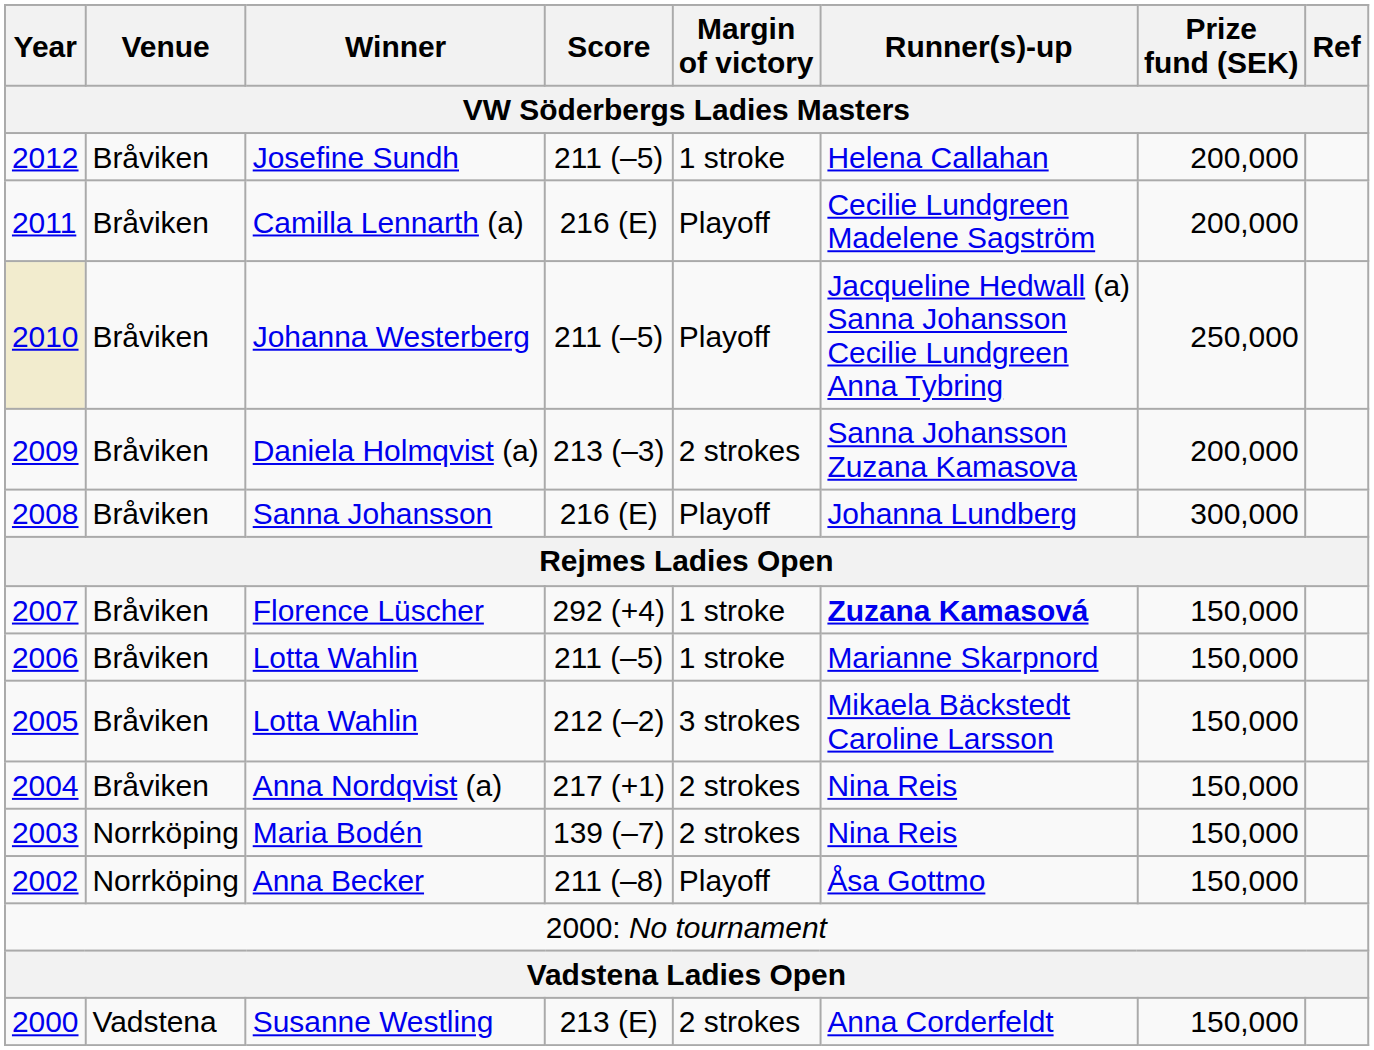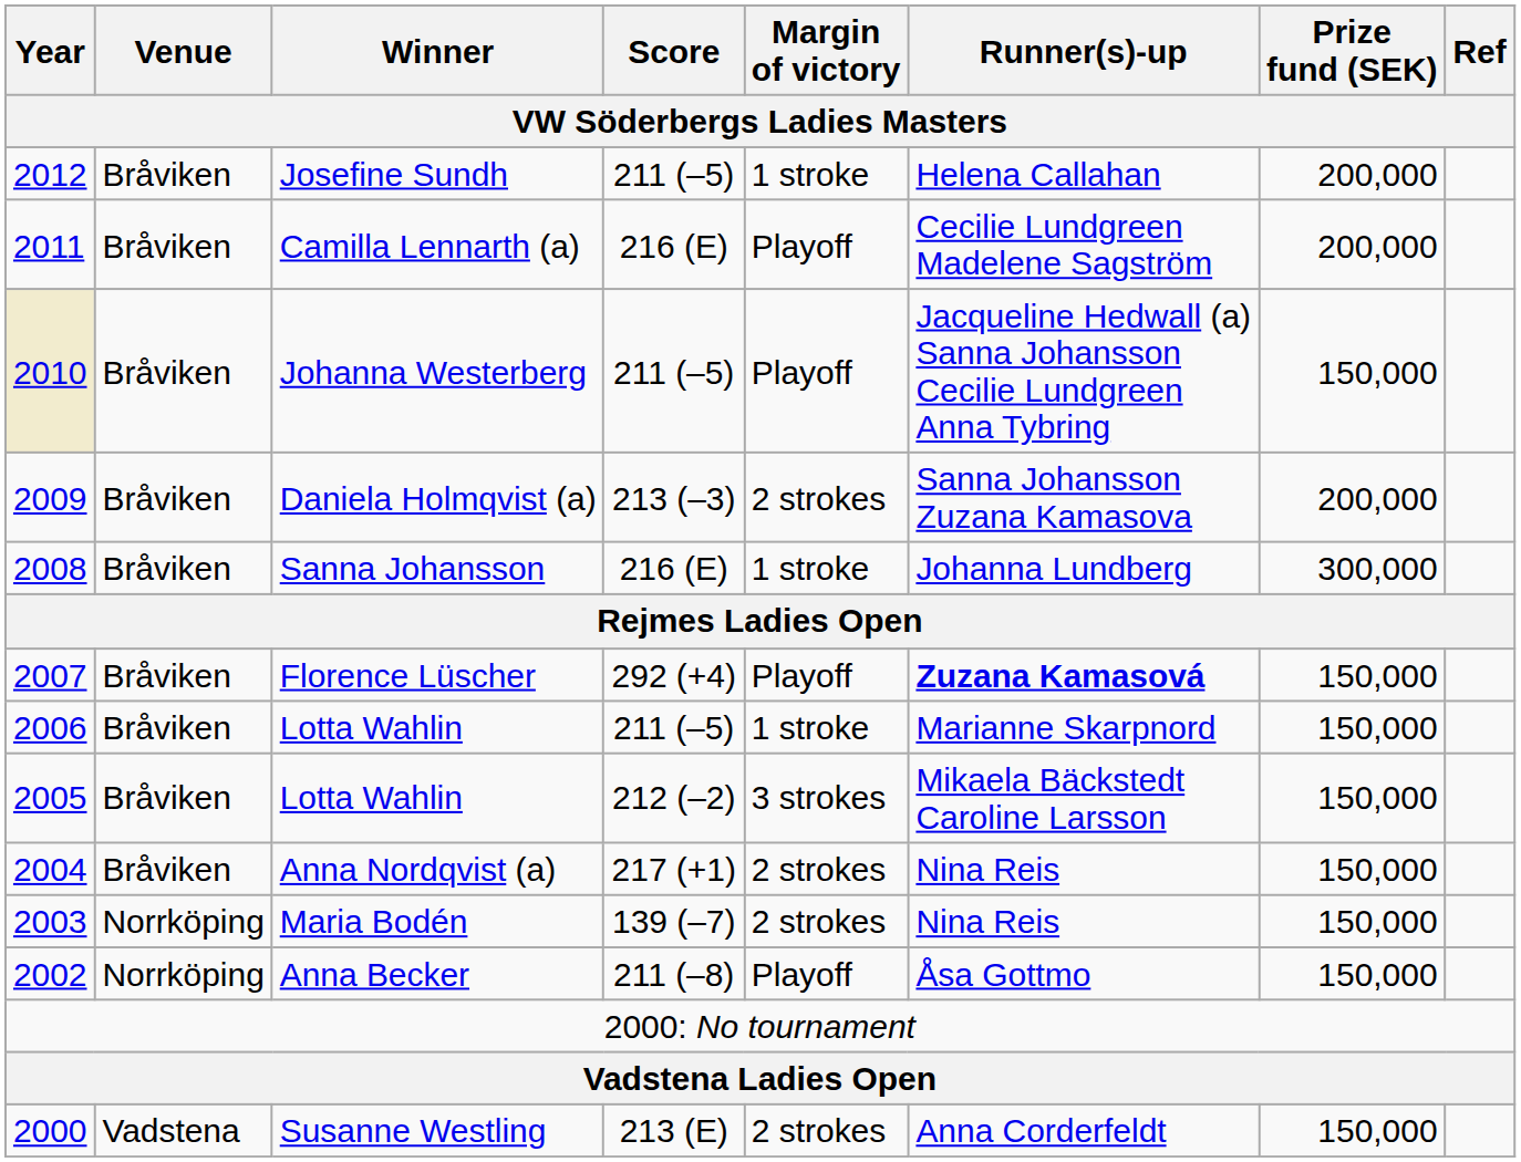 <table class=wikitable style="font-size:95%">
 <tr>
 <th>Year</th>
 <th>Venue</th>
 <th>Winner</th>
 <th>Score</th>
 <th>Margin<br>of victory</th>
 <th>Runner(s)-up</th>
 <th>Prize<br>fund (SEK)</th>
 <th>Ref</th>
 </tr>
 <tr>
 <th colspan=8>VW Söderbergs Ladies Masters</th>
 </tr>
 <tr>
 <td><a href='#'>2012</a></td>
 <td>Bråviken</td>
 <td> <a href='#'>Josefine Sundh</a></td>
 <td align=center>211 (–5)</td>
 <td>1 stroke</td>
 <td> <a href='#'>Helena Callahan</a></td>
 <td align=right>200,000</td>
 <td></td>
 </tr>
 <tr>
 <td><a href='#'>2011</a></td>
 <td>Bråviken</td>
 <td> <a href='#'>Camilla Lennarth</a> (a)</td>
 <td align=center>216 (E)</td>
 <td>Playoff</td>
 <td> <a href='#'>Cecilie Lundgreen</a><br> <a href='#'>Madelene Sagström</a></td>
 <td align=right>200,000</td>
 <td></td>
 </tr>
 <tr>
 <td style="background:#f2ecce;"><a href='#'>2010</a></td>
 <td>Bråviken</td>
 <td> <a href='#'>Johanna Westerberg</a></td>
 <td align=center>211 (–5)</td>
 <td>Playoff</td>
 <td> <a href='#'>Jacqueline Hedwall</a> (a)<br> <a href='#'>Sanna Johansson</a><br> <a href='#'>Cecilie Lundgreen</a> <br> <a href='#'>Anna Tybring</a></td>
-<td align=right>250,000</td>
+<td align=right>150,000</td>
 <td></td>
 </tr>
 <tr>
 <td><a href='#'>2009</a></td>
 <td>Bråviken</td>
 <td> <a href='#'>Daniela Holmqvist</a> (a)</td>
 <td align=center>213 (–3)</td>
 <td>2 strokes</td>
 <td> <a href='#'>Sanna Johansson</a><br> <a href='#'>Zuzana Kamasova</a></td>
 <td align=right>200,000</td>
 <td></td>
 </tr>
 <tr>
 <td><a href='#'>2008</a></td>
 <td>Bråviken</td>
 <td> <a href='#'>Sanna Johansson</a></td>
 <td align=center>216 (E)</td>
-<td>Playoff</td>
+<td>1 stroke</td>
 <td> <a href='#'>Johanna Lundberg</a></td>
 <td align=right>300,000</td>
 <td></td>
 </tr>
 <tr>
 <th colspan=8>Rejmes Ladies Open</th>
 </tr>
 <tr>
 <td><a href='#'>2007</a></td>
 <td>Bråviken</td>
 <td> <a href='#'>Florence Lüscher</a></td>
 <td align=center>292 (+4)</td>
-<td>1 stroke</td>
+<td>Playoff</td>
 <td><strong> <a href='#'>Zuzana Kamasová</a></strong></td>
 <td align=right>150,000</td>
 <td></td>
 </tr>
 <tr>
 <td><a href='#'>2006</a></td>
 <td>Bråviken</td>
 <td> <a href='#'>Lotta Wahlin</a></td>
 <td align=center>211 (–5)</td>
 <td>1 stroke</td>
 <td> <a href='#'>Marianne Skarpnord</a></td>
 <td align=right>150,000</td>
 <td></td>
 </tr>
 <tr>
 <td><a href='#'>2005</a></td>
 <td>Bråviken</td>
 <td> <a href='#'>Lotta Wahlin</a></td>
 <td align=center>212 (–2)</td>
 <td>3 strokes</td>
 <td> <a href='#'>Mikaela Bäckstedt</a><br> <a href='#'>Caroline Larsson</a></td>
 <td align=right>150,000</td>
 <td></td>
 </tr>
 <tr>
 <td><a href='#'>2004</a></td>
 <td>Bråviken</td>
 <td> <a href='#'>Anna Nordqvist</a> (a)</td>
 <td align=center>217 (+1)</td>
 <td>2 strokes</td>
 <td> <a href='#'>Nina Reis</a></td>
 <td align=right>150,000</td>
 <td></td>
 </tr>
 <tr>
 <td><a href='#'>2003</a></td>
 <td>Norrköping</td>
 <td> <a href='#'>Maria Bodén</a></td>
 <td align=center>139 (–7)</td>
 <td>2 strokes</td>
 <td> <a href='#'>Nina Reis</a></td>
 <td align=right>150,000</td>
 <td></td>
 </tr>
 <tr>
 <td><a href='#'>2002</a></td>
 <td>Norrköping</td>
 <td> <a href='#'>Anna Becker</a></td>
 <td align=center>211 (–8)</td>
 <td>Playoff</td>
 <td> <a href='#'>Åsa Gottmo</a></td>
 <td align=right>150,000</td>
 <td></td>
 </tr>
 <tr>
 <td colspan=8 align=center>2000: <em>No tournament</em></td>
 </tr>
 <tr>
 <th colspan=8>Vadstena Ladies Open</th>
 </tr>
 <tr>
 <td><a href='#'>2000</a></td>
 <td>Vadstena</td>
 <td> <a href='#'>Susanne Westling</a></td>
 <td align=center>213 (E)</td>
 <td>2 strokes</td>
 <td> <a href='#'>Anna Corderfeldt</a></td>
 <td align=right>150,000</td>
 <td></td>
 </tr>
 </table>
